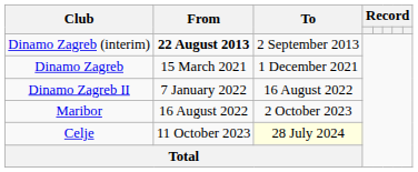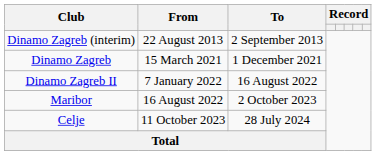 <table class=wikitable style="text-align: center">
 <tr>
 <th rowspan="2">Club</th>
 <th rowspan="2">From</th>
 <th rowspan="2">To</th>
 <th colspan="8">Record</th>
 </tr>
 <tr>
 <th></th>
 <th></th>
 <th></th>
 <th></th>
 <th></th>
 </tr>
 <tr>
 <td><a href='#'>Dinamo Zagreb</a> (interim)</td>
-<td><strong>22 August 2013</strong></td>
+<td>22 August 2013</td>
 <td>2 September 2013<br></td>
 </tr>
 <tr>
 <td><a href='#'>Dinamo Zagreb</a></td>
 <td>15 March 2021</td>
 <td>1 December 2021<br></td>
 </tr>
 <tr>
 <td><a href='#'>Dinamo Zagreb II</a></td>
 <td>7 January 2022</td>
 <td>16 August 2022<br></td>
 </tr>
 <tr>
 <td><a href='#'>Maribor</a></td>
 <td>16 August 2022</td>
 <td>2 October 2023<br></td>
 </tr>
 <tr>
 <td><a href='#'>Celje</a></td>
 <td>11 October 2023</td>
-<td style="background: lightyellow;">28 July 2024<br></td>
+<td>28 July 2024<br></td>
 </tr>
 <tr>
 <th colspan="3">Total<br></th>
 </tr>
 </table>
